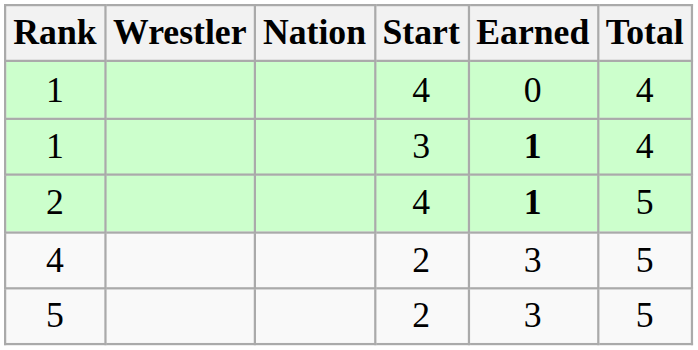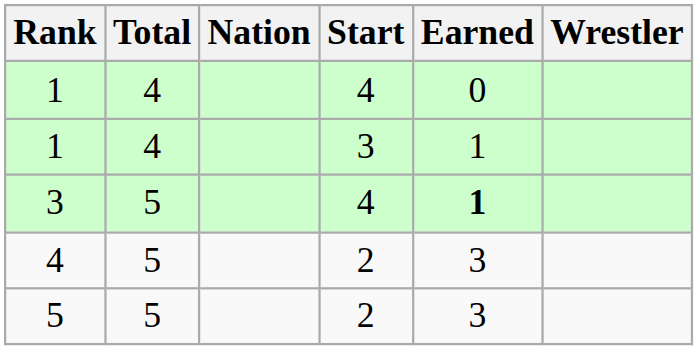 <table class="wikitable sortable" style="text-align:center;">
 <tr>
 <th>Rank</th>
-<th>Wrestler</th>
+<th>Total</th>
 <th>Nation</th>
 <th>Start</th>
 <th>Earned</th>
-<th>Total</th>
+<th>Wrestler</th>
 </tr>
 <tr style="background:#cfc;">
 <td>1</td>
-<td align=left></td>
+<td>4</td>
 <td align=left></td>
 <td>4</td>
 <td>0</td>
-<td>4</td>
+<td align=left></td>
 </tr>
 <tr style="background:#cfc;">
 <td>1</td>
-<td align=left></td>
+<td>4</td>
 <td align=left></td>
 <td>3</td>
-<td><strong>1</strong></td>
-<td>4</td>
+<td>1</td>
+<td align=left></td>
 </tr>
 <tr style="background:#cfc;">
-<td>2</td>
-<td align=left></td>
+<td>3</td>
+<td>5</td>
 <td align=left></td>
 <td>4</td>
 <td><strong>1</strong></td>
-<td>5</td>
+<td align=left></td>
 </tr>
 <tr>
 <td>4</td>
-<td align=left></td>
+<td>5</td>
 <td align=left></td>
 <td>2</td>
 <td>3</td>
-<td>5</td>
+<td align=left></td>
 </tr>
 <tr>
 <td>5</td>
-<td align=left></td>
+<td>5</td>
 <td align=left></td>
 <td>2</td>
 <td>3</td>
-<td>5</td>
+<td align=left></td>
 </tr>
 </table>
